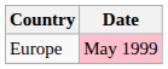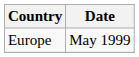 <table class="wikitable">
 <tr>
 <th>Country</th>
 <th>Date</th>
 </tr>
 <tr>
 <td>Europe</td>
-<td style="background: pink;">May 1999</td>
+<td>May 1999</td>
 </tr>
 <tr>
 </tr>
 </table>
